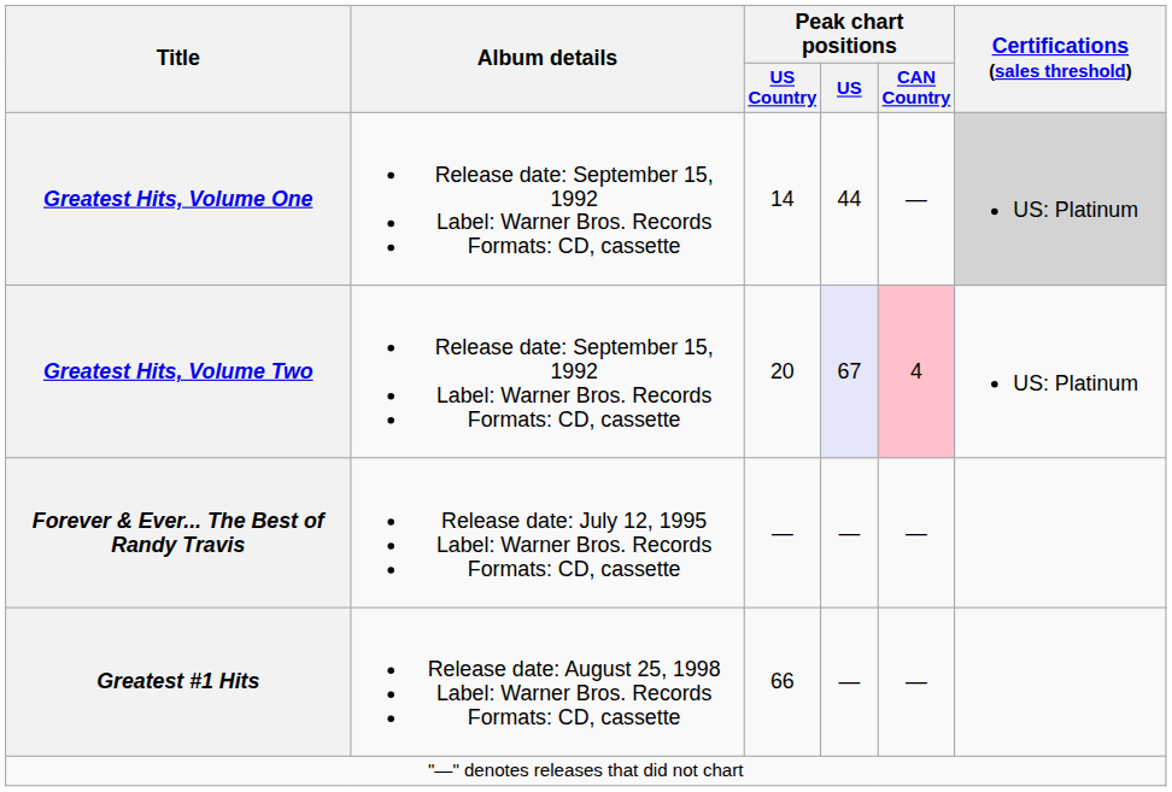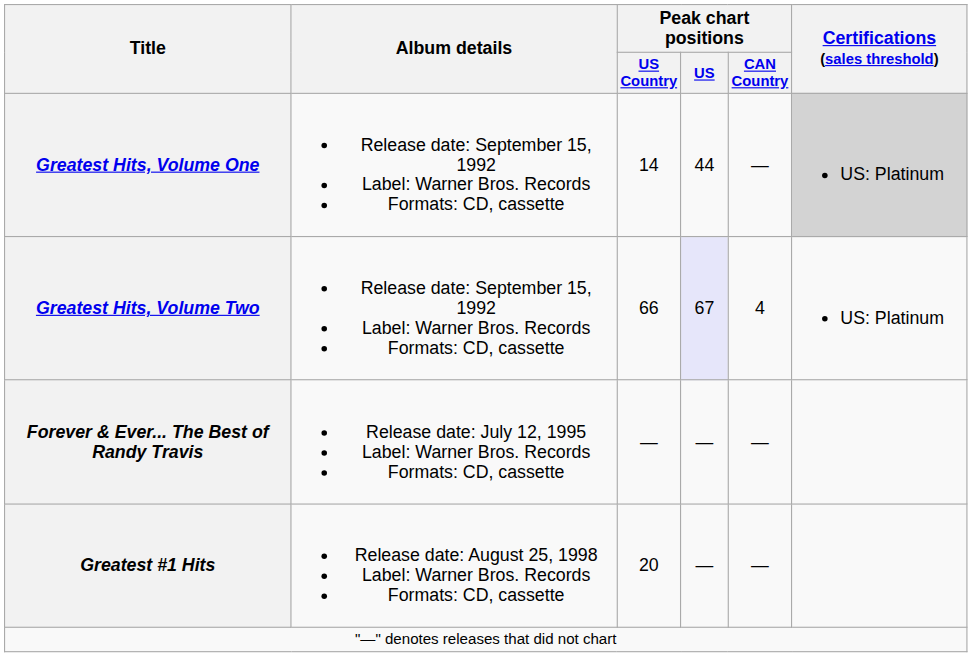 <table class="wikitable plainrowheaders" style="text-align:center;">
 <tr>
 <th rowspan="2" style="width:18em;">Title</th>
 <th rowspan="2" style="width:20em;">Album details</th>
 <th colspan="3">Peak chart<br>positions</th>
 <th rowspan="2" style="width:10em;"><a href='#'>Certifications</a><br><small>(<a href='#'>sales threshold</a>)</small></th>
 </tr>
 <tr style="font-size:smaller;">
 <th width="40"><a href='#'>US Country</a><br></th>
 <th width="40"><a href='#'>US</a><br></th>
 <th width="40"><a href='#'>CAN Country</a><br></th>
 </tr>
 <tr>
 <th scope="row"><em><a href='#'>Greatest Hits, Volume One</a></em></th>
 <td><br><ul><li>Release date: September 15, 1992</li><li>Label: Warner Bros. Records</li><li>Formats: CD, cassette</li></ul></td>
 <td>14</td>
 <td>44</td>
 <td>—</td>
 <td align="left" style="background: lightgrey;"><br><ul><li>US: Platinum</li></ul></td>
 </tr>
 <tr>
 <th scope="row"><em><a href='#'>Greatest Hits, Volume Two</a></em></th>
 <td><br><ul><li>Release date: September 15, 1992</li><li>Label: Warner Bros. Records</li><li>Formats: CD, cassette</li></ul></td>
-<td>20</td>
+<td>66</td>
 <td style="background: lavender;">67</td>
-<td style="background: pink;">4</td>
+<td>4</td>
 <td align="left"><br><ul><li>US: Platinum</li></ul></td>
 </tr>
 <tr>
 <th scope="row"><em>Forever & Ever... The Best of Randy Travis</em></th>
 <td><br><ul><li>Release date: July 12, 1995</li><li>Label: Warner Bros. Records</li><li>Formats: CD, cassette</li></ul></td>
 <td>—</td>
 <td>—</td>
 <td>—</td>
 <td></td>
 </tr>
 <tr>
 <th scope="row"><em>Greatest #1 Hits</em></th>
 <td><br><ul><li>Release date: August 25, 1998</li><li>Label: Warner Bros. Records</li><li>Formats: CD, cassette</li></ul></td>
-<td>66</td>
+<td>20</td>
 <td>—</td>
 <td>—</td>
 <td></td>
 </tr>
 <tr>
 <td colspan="10" style="font-size:85%">"—" denotes releases that did not chart</td>
 </tr>
 </table>
